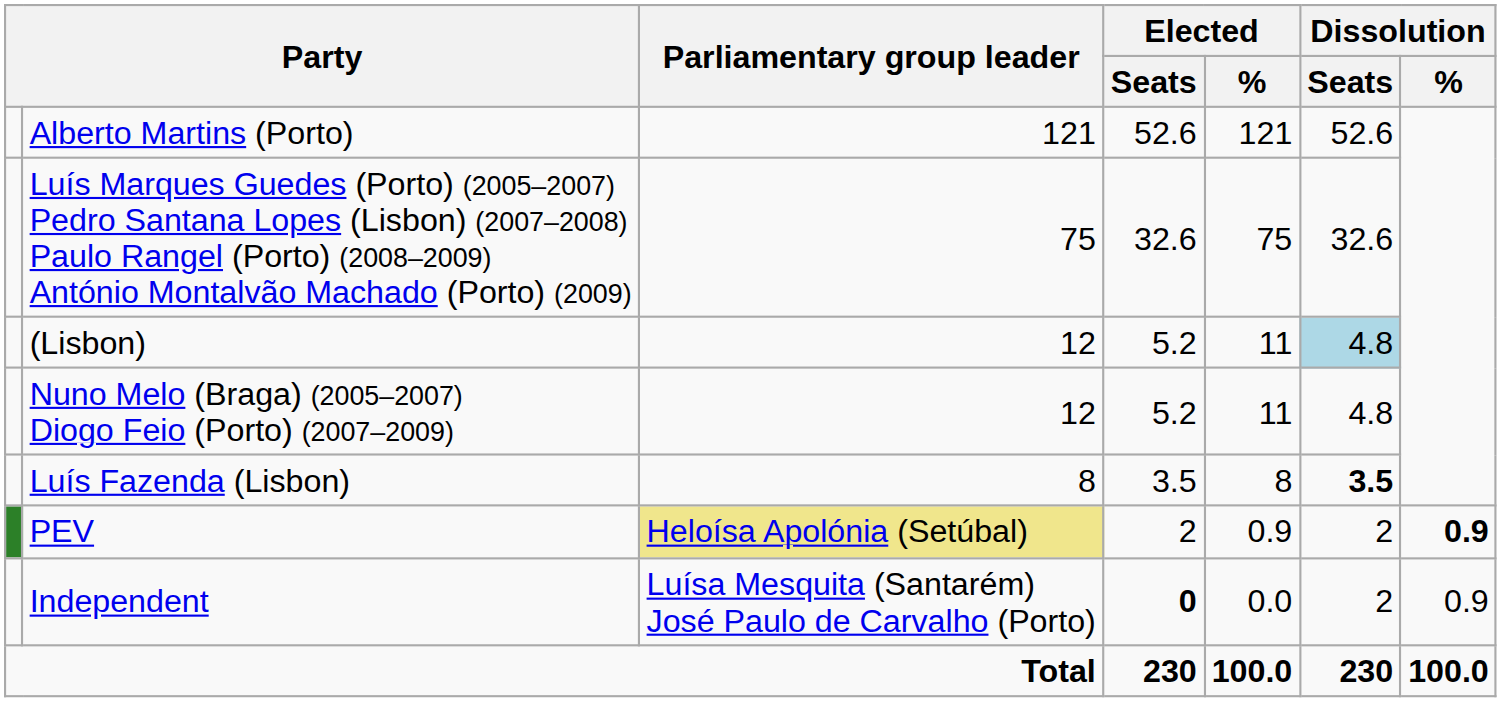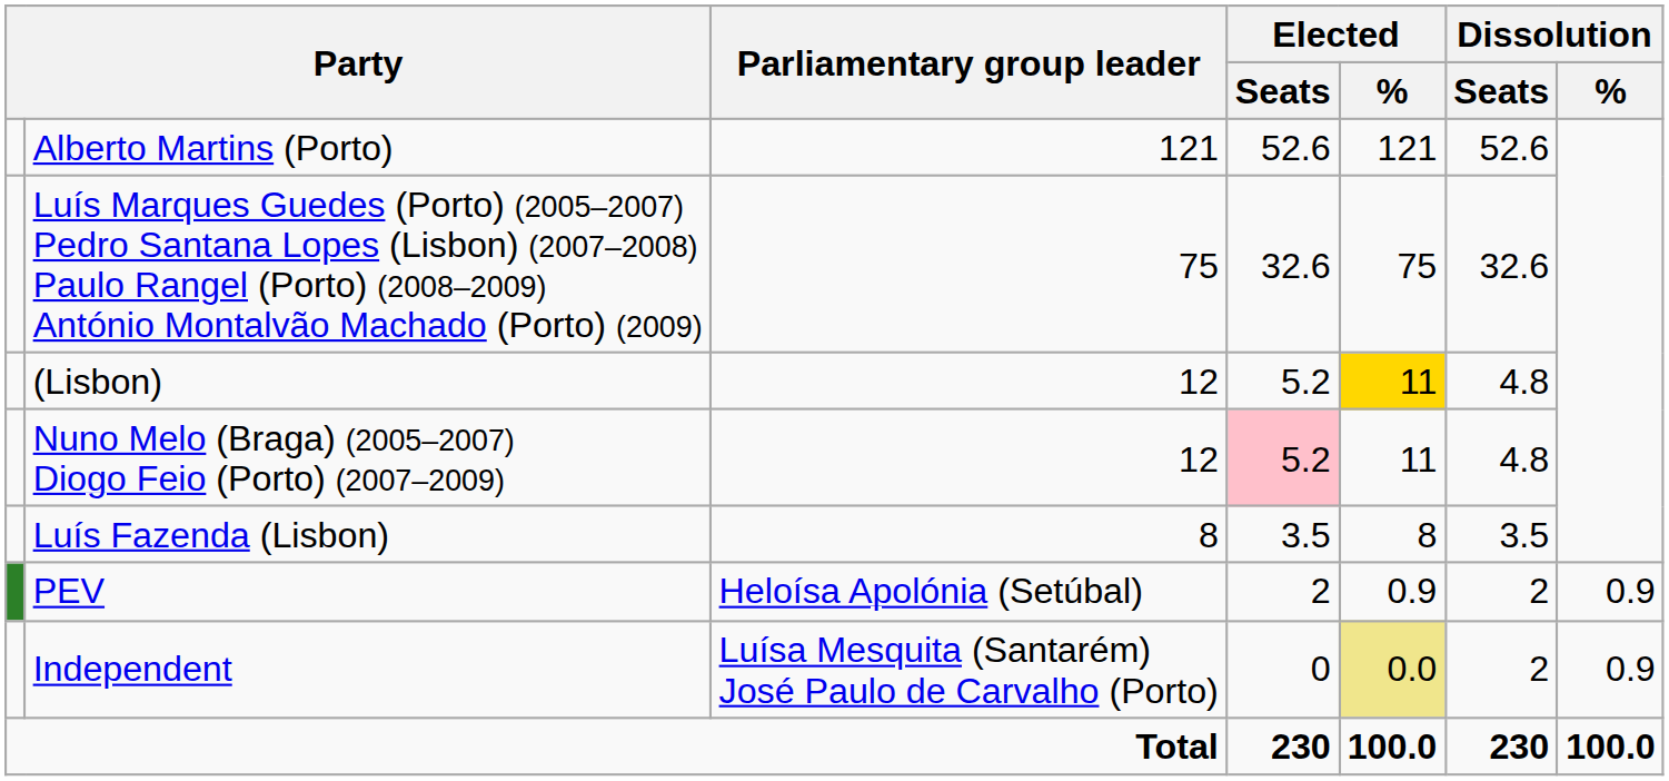 <table class="wikitable" style="text-align:right; font-size:95%;">
 <tr>
 <th colspan="2" rowspan="2">Party</th>
 <th rowspan="2">Parliamentary group leader</th>
 <th colspan="2">Elected</th>
 <th colspan="2">Dissolution</th>
 </tr>
 <tr>
 <th>Seats</th>
 <th>%</th>
 <th>Seats</th>
 <th>%</th>
 </tr>
 <tr>
 <td></td>
 <td align="left"><a href='#'>Alberto Martins</a> (Porto)</td>
 <td align="right">121</td>
 <td align="right">52.6</td>
 <td>121</td>
 <td>52.6</td>
 </tr>
 <tr>
 <td></td>
 <td align="left"><a href='#'>Luís Marques Guedes</a> (Porto) <small>(2005–2007)</small><br><a href='#'>Pedro Santana Lopes</a> (Lisbon) <small>(2007–2008)</small><br><a href='#'>Paulo Rangel</a> (Porto) <small>(2008–2009)</small><br><a href='#'>António Montalvão Machado</a> (Porto) <small>(2009)</small></td>
 <td align="right">75</td>
 <td align="right">32.6</td>
 <td>75</td>
 <td>32.6</td>
 </tr>
 <tr>
 <td></td>
 <td align="left"> (Lisbon)</td>
 <td align="right">12</td>
 <td align="right">5.2</td>
-<td>11</td>
-<td style="background: lightblue;">4.8</td>
+<td style="background: gold;">11</td>
+<td>4.8</td>
 </tr>
 <tr>
 <td></td>
 <td align="left"><a href='#'>Nuno Melo</a> (Braga) <small>(2005–2007)</small><br><a href='#'>Diogo Feio</a> (Porto) <small>(2007–2009)</small></td>
 <td align="right">12</td>
-<td align="right">5.2</td>
+<td align="right" style="background: pink;">5.2</td>
 <td>11</td>
 <td>4.8</td>
 </tr>
 <tr>
 <td></td>
 <td align="left"><a href='#'>Luís Fazenda</a> (Lisbon)</td>
 <td align="right">8</td>
 <td align="right">3.5</td>
 <td>8</td>
-<td><strong>3.5</strong></td>
+<td>3.5</td>
 </tr>
 <tr>
 <td style="width:1px; background:#2C8028; text-align:center;"></td>
 <td style="text-align:left;"><a href='#'>PEV</a></td>
-<td align="left" style="background: khaki;"><a href='#'>Heloísa Apolónia</a> (Setúbal)</td>
+<td align="left"><a href='#'>Heloísa Apolónia</a> (Setúbal)</td>
 <td align="right">2</td>
 <td align="right">0.9</td>
 <td>2</td>
-<td><strong>0.9</strong></td>
+<td>0.9</td>
 </tr>
 <tr>
 <td style="width:1px; background:"></td>
 <td style="text-align:left;"><a href='#'>Independent</a></td>
 <td align="left"><a href='#'>Luísa Mesquita</a> (Santarém)<br><a href='#'>José Paulo de Carvalho</a> (Porto)</td>
-<td align="right"><strong>0</strong></td>
-<td align="right">0.0</td>
+<td align="right">0</td>
+<td align="right" style="background: khaki;">0.0</td>
 <td align="right">2</td>
 <td align="right">0.9</td>
 </tr>
 <tr>
 <td colspan="3"> <strong>Total</strong></td>
 <td align="right"><strong>230</strong></td>
 <td align="right"><strong>100.0</strong></td>
 <td><strong>230</strong></td>
 <td><strong>100.0</strong></td>
 </tr>
 </table>
